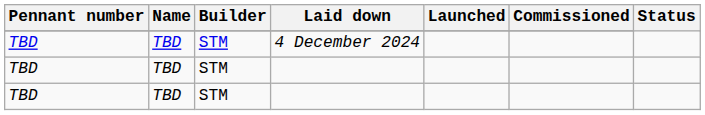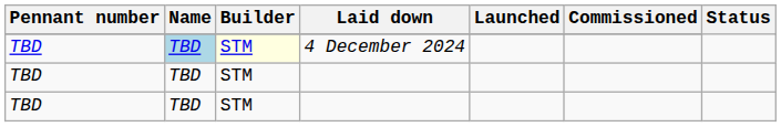 <table class="wikitable" style="font-size:95%;">
 <tr>
 <th>Pennant number</th>
 <th>Name</th>
 <th>Builder</th>
 <th>Laid down</th>
 <th>Launched</th>
 <th>Commissioned</th>
 <th>Status</th>
 </tr>
 <tr>
 </tr>
 <tr>
 <td><em><a href='#'>TBD</a></em></td>
-<td><em><a href='#'>TBD</a></em></td>
-<td><a href='#'>STM</a></td>
+<td style="background: lightblue;"><em><a href='#'>TBD</a></em></td>
+<td style="background: lightyellow;"><a href='#'>STM</a></td>
 <td><em>4 December 2024</em></td>
 <td></td>
 <td></td>
 </tr>
 <tr>
 <td><em>TBD</em></td>
 <td><em>TBD</em></td>
 <td>STM</td>
 <td></td>
 <td></td>
 <td></td>
 <td></td>
 </tr>
 <tr>
 <td><em>TBD</em></td>
 <td><em>TBD</em></td>
 <td>STM</td>
 <td></td>
 <td></td>
 <td></td>
 <td></td>
 </tr>
 </table>
